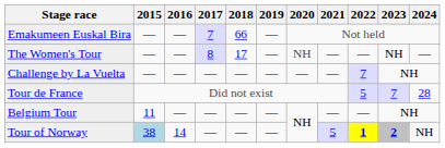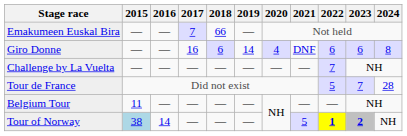 <table class="wikitable plainrowheaders">
 <tr style="background:#EEEEEE;">
 <th>Stage race</th>
 <th>2015</th>
 <th>2016</th>
 <th>2017</th>
 <th>2018</th>
 <th>2019</th>
 <th>2020</th>
 <th>2021</th>
 <th>2022</th>
 <th>2023</th>
 <th>2024</th>
 </tr>
 <tr style="text-align:center;">
 <td style="text-align:left; background:#efefef;"><a href='#'>Emakumeen Euskal Bira</a></td>
 <td>—</td>
 <td>—</td>
 <td style="background:#ddf;"><a href='#'>7</a></td>
 <td><a href='#'>66</a></td>
 <td>—</td>
 <td style="color:#4d4d4d;" colspan=5>Not held</td>
 </tr>
-<tr style="text-align:center;">
-<td style="text-align:left; background:#efefef;"><a href='#'>The Women's Tour</a></td>
+<tr style="text-align:center">
+<td style="text-align:left; background:#efefef;"><a href='#'>Giro Donne</a></td>
 <td>—</td>
 <td>—</td>
+<td><a href='#'>16</a></td>
+<td style="background:#ddf;"><a href='#'>6</a></td>
+<td><a href='#'>14</a></td>
+<td style="background:#ddf;"><a href='#'>4</a></td>
+<td><a href='#'>DNF</a></td>
+<td style="background:#ddf;"><a href='#'>6</a></td>
+<td style="background:#ddf;"><a href='#'>6</a></td>
 <td style="background:#ddf;"><a href='#'>8</a></td>
-<td><a href='#'>17</a></td>
-<td>—</td>
-<td style="color:#4d4d4d;">NH</td>
-<td>—</td>
-<td>—</td>
-<td>NH</td>
-<td>—</td>
 </tr>
 <tr style="text-align:center">
 <td style="text-align:left; background:#efefef;"><a href='#'>Challenge by La Vuelta</a></td>
 <td>—</td>
 <td>—</td>
 <td>—</td>
 <td>—</td>
 <td>—</td>
 <td>—</td>
 <td>—</td>
 <td style="background:#ddf;"><a href='#'>7</a></td>
 <td colspan=2>NH</td>
 </tr>
 <tr style="text-align:center;">
 <td style="text-align:left; background:#efefef;"><a href='#'>Tour de France</a></td>
 <td style="color:#4d4d4d;" colspan=7>Did not exist</td>
 <td style="background:#ddf;"><a href='#'>5</a></td>
 <td style="background:#ddf;"><a href='#'>7</a></td>
 <td><a href='#'>28</a></td>
 </tr>
 <tr style="text-align:center;">
 <td style="text-align:left; background:#efefef;"><a href='#'>Belgium Tour</a></td>
 <td><a href='#'>11</a></td>
 <td>—</td>
 <td>—</td>
 <td>—</td>
 <td>—</td>
 <td rowspan=2>NH</td>
 <td>—</td>
 <td>—</td>
 <td colspan=2>NH</td>
 </tr>
 <tr style="text-align:center;">
 <td style="text-align:left; background:#efefef;"><a href='#'>Tour of Norway</a></td>
 <td style="background: lightblue;"><a href='#'>38</a></td>
 <td><a href='#'>14</a></td>
 <td>—</td>
 <td>—</td>
 <td>—</td>
 <td style="background:#ddf;"><a href='#'>5</a></td>
 <td style="background:yellow;"><a href='#'><strong>1</strong></a></td>
 <td style="background:silver;"><a href='#'><strong>2</strong></a></td>
 <td>NH</td>
 </tr>
 </table>
